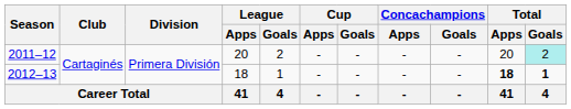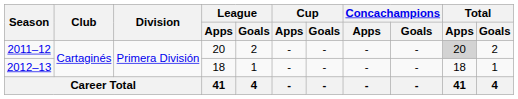 <table class="wikitable" style="text-align: center;">
 <tr>
 <th rowspan="2">Season</th>
 <th rowspan="2">Club</th>
 <th rowspan="2">Division</th>
 <th colspan="2">League</th>
 <th colspan="2">Cup</th>
 <th colspan="2"><a href='#'>Concachampions</a></th>
 <th colspan="2">Total</th>
 </tr>
 <tr>
 <th>Apps</th>
 <th>Goals</th>
 <th>Apps</th>
 <th>Goals</th>
 <th>Apps</th>
 <th>Goals</th>
 <th>Apps</th>
 <th>Goals</th>
 </tr>
 <tr>
 <td><a href='#'>2011–12</a></td>
 <td rowspan="2"><a href='#'>Cartaginés</a></td>
 <td rowspan="2" align=center valign=center><a href='#'>Primera División</a></td>
 <td>20</td>
 <td>2</td>
 <td>-</td>
 <td>-</td>
 <td>-</td>
 <td>-</td>
-<td>20</td>
-<td style="background: paleturquoise;">2</td>
+<td style="background: lightgrey;">20</td>
+<td>2</td>
 </tr>
 <tr>
 <td><a href='#'>2012–13</a></td>
 <td>18</td>
 <td>1</td>
 <td>-</td>
 <td>-</td>
 <td>-</td>
 <td>-</td>
-<td><strong>18</strong></td>
-<td><strong>1</strong></td>
+<td>18</td>
+<td>1</td>
 </tr>
 <tr>
 <th colspan="3">Career Total</th>
 <th>41</th>
 <th>4</th>
 <th>-</th>
 <th>-</th>
 <th>-</th>
 <th>-</th>
 <th>41</th>
 <th>4</th>
 </tr>
 </table>
